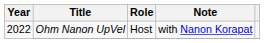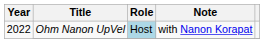 <table class="wikitable">
 <tr>
 <th>Year</th>
 <th>Title</th>
 <th>Role</th>
 <th>Note</th>
 <th></th>
 </tr>
 <tr>
 <td rowspan="4">2022</td>
 <td><em>Ohm Nanon UpVel </em></td>
-<td>Host</td>
+<td style="background: lightblue;">Host</td>
 <td>with <a href='#'>Nanon Korapat</a></td>
 <td></td>
 </tr>
 <tr>
 </tr>
 </table>
